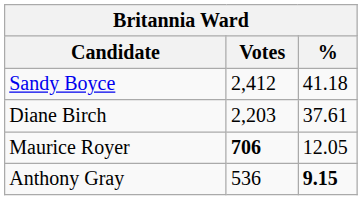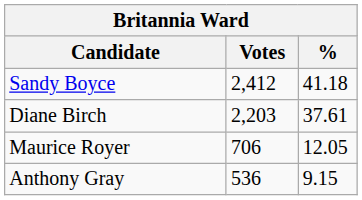 <table class="wikitable">
 <tr>
 <th colspan="3">Britannia Ward</th>
 </tr>
 <tr>
 <th style="width: 170px">Candidate</th>
 <th style="width: 50px">Votes</th>
 <th style="width: 40px">%</th>
 </tr>
 <tr>
 <td><a href='#'>Sandy Boyce</a></td>
 <td>2,412</td>
 <td>41.18</td>
 </tr>
 <tr>
 <td>Diane Birch</td>
 <td>2,203</td>
 <td>37.61</td>
 </tr>
 <tr>
 <td>Maurice Royer</td>
-<td><strong>706</strong></td>
+<td>706</td>
 <td>12.05</td>
 </tr>
 <tr>
 <td>Anthony Gray</td>
 <td>536</td>
-<td><strong>9.15</strong></td>
+<td>9.15</td>
 </tr>
 </table>
